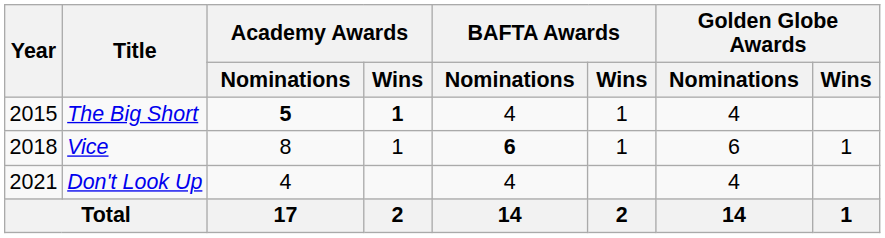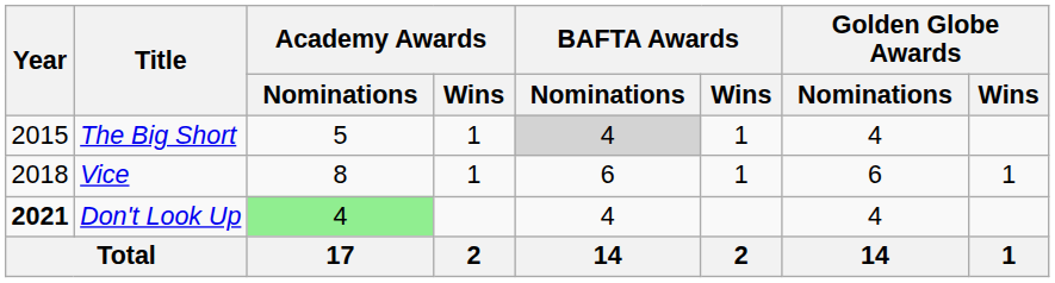 <table class="wikitable">
 <tr>
 <th rowspan="2">Year</th>
 <th rowspan="2">Title</th>
 <th colspan="2" style="text-align:center;" width=160>Academy Awards</th>
 <th colspan="2" style="text-align:center;" width=160>BAFTA Awards</th>
 <th colspan="2" style="text-align:center;" width=160>Golden Globe Awards</th>
 </tr>
 <tr>
 <th>Nominations</th>
 <th>Wins</th>
 <th>Nominations</th>
 <th>Wins</th>
 <th>Nominations</th>
 <th>Wins</th>
 </tr>
 <tr>
 <td>2015</td>
 <td><em><a href='#'>The Big Short</a></em></td>
-<td align=center><strong>5</strong></td>
-<td align=center><strong>1</strong></td>
-<td align=center>4</td>
+<td align=center>5</td>
+<td align=center>1</td>
+<td align=center style="background: lightgrey;">4</td>
 <td align=center>1</td>
 <td align=center>4</td>
 <td></td>
 </tr>
 <tr>
 <td>2018</td>
 <td><em><a href='#'>Vice</a></em></td>
 <td align=center>8</td>
 <td align=center>1</td>
-<td align=center><strong>6</strong></td>
+<td align=center>6</td>
 <td align=center>1</td>
 <td align=center>6</td>
 <td align=center>1</td>
 </tr>
 <tr>
-<td>2021</td>
+<td><strong>2021</strong></td>
 <td><em><a href='#'>Don't Look Up</a></em></td>
-<td align=center>4</td>
+<td align=center style="background: lightgreen;">4</td>
 <td></td>
 <td align=center>4</td>
 <td></td>
 <td align=center>4</td>
 <td></td>
 </tr>
 <tr>
 <th colspan="2">Total</th>
 <th align=center>17</th>
 <th align=center>2</th>
 <th align=center>14</th>
 <th align=center>2</th>
 <th align=center>14</th>
 <th align=center>1</th>
 </tr>
 </table>
